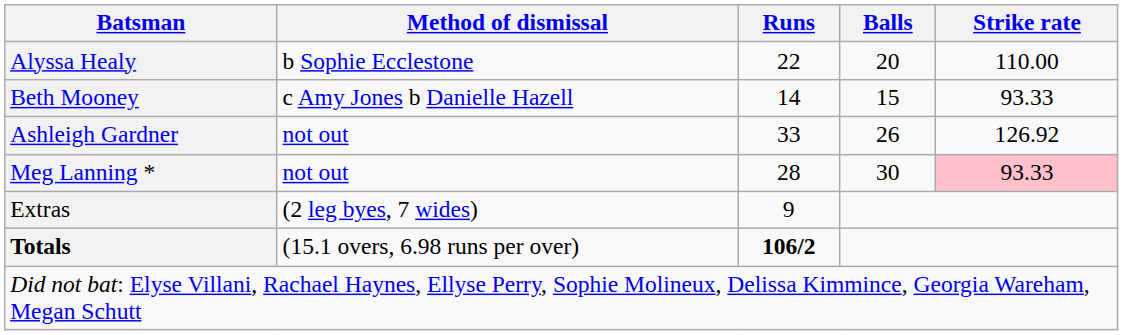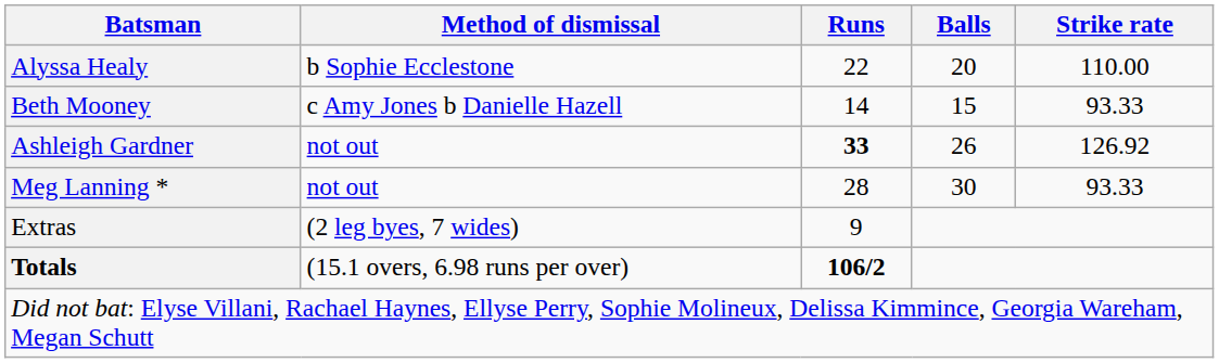 <table border="1" cellpadding="1" cellspacing="0" style="border: gray solid 1px; border-collapse: collapse; text-align: center; width: 60%;" class=wikitable>
 <tr>
 <th scope="col"><a href='#'>Batsman</a></th>
 <th scope="col"><a href='#'>Method of dismissal</a></th>
 <th scope="col"><a href='#'>Runs</a></th>
 <th scope="col"><a href='#'>Balls</a></th>
 <th scope="col"><a href='#'>Strike rate</a></th>
 </tr>
 <tr>
 <th scope="row" style="font-weight: normal; text-align: left;"><a href='#'>Alyssa Healy</a> </th>
 <td style=" text-align: left;">b <a href='#'>Sophie Ecclestone</a></td>
 <td>22</td>
 <td>20</td>
 <td>110.00</td>
 </tr>
 <tr>
 <th scope="row" style="font-weight: normal; text-align: left;"><a href='#'>Beth Mooney</a></th>
 <td style=" text-align: left;">c <a href='#'>Amy Jones</a>  b <a href='#'>Danielle Hazell</a></td>
 <td>14</td>
 <td>15</td>
 <td>93.33</td>
 </tr>
 <tr>
 <th scope="row" style="font-weight: normal; text-align: left;"><a href='#'>Ashleigh Gardner</a></th>
 <td style=" text-align: left;"><a href='#'>not out</a></td>
-<td>33</td>
+<td><strong>33</strong></td>
 <td>26</td>
 <td>126.92</td>
 </tr>
 <tr>
 <th scope="row" style="font-weight: normal; text-align: left;"><a href='#'>Meg Lanning</a> *</th>
 <td style=" text-align: left;"><a href='#'>not out</a></td>
 <td>28</td>
 <td>30</td>
-<td style="background: pink;">93.33</td>
+<td>93.33</td>
 </tr>
 <tr>
 <th scope="row" style="font-weight: normal; text-align: left;">Extras</th>
 <td style=" text-align: left;">(2 <a href='#'>leg byes</a>, 7 <a href='#'>wides</a>)</td>
 <td>9</td>
 <td colspan="2"></td>
 </tr>
 <tr>
 <th scope="row" style="font-weight: normal; text-align: left;"><strong>Totals</strong></th>
 <td style=" text-align: left;">(15.1 overs, 6.98 runs per over)</td>
 <td><strong>106/2</strong></td>
 <td colspan="2"></td>
 </tr>
 <tr align="left">
 <td colspan="5"><em>Did not bat</em>: <a href='#'>Elyse Villani</a>, <a href='#'>Rachael Haynes</a>, <a href='#'>Ellyse Perry</a>, <a href='#'>Sophie Molineux</a>, <a href='#'>Delissa Kimmince</a>, <a href='#'>Georgia Wareham</a>, <a href='#'>Megan Schutt</a></td>
 </tr>
 </table>
